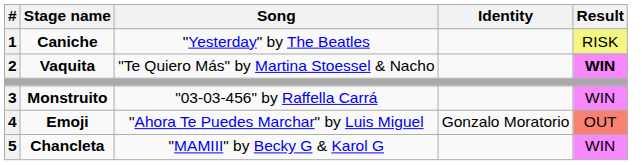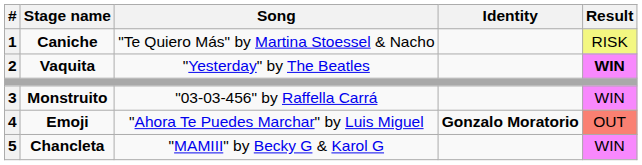 <table class="wikitable plainrowheaders" style="text-align: center;">
 <tr>
 <th>#</th>
 <th>Stage name</th>
 <th>Song</th>
 <th>Identity</th>
 <th>Result</th>
 </tr>
 <tr>
 <th><strong>1</strong></th>
 <td><strong>Caniche</strong></td>
-<td>"<a href='#'>Yesterday</a>" by <a href='#'>The Beatles</a></td>
+<td>"Te Quiero Más" by <a href='#'>Martina Stoessel</a> & Nacho</td>
 <td></td>
 <td bgcolor="#F3F781">RISK</td>
 </tr>
 <tr>
 <th><strong>2</strong></th>
 <td><strong>Vaquita</strong></td>
-<td>"Te Quiero Más" by <a href='#'>Martina Stoessel</a> & Nacho</td>
+<td>"<a href='#'>Yesterday</a>" by <a href='#'>The Beatles</a></td>
 <td></td>
 <td bgcolor="#F888FD"><strong>WIN</strong></td>
 </tr>
 <tr>
 <td colspan="5" style="background:darkgray"></td>
 </tr>
 <tr>
 <th><strong>3</strong></th>
 <td><strong>Monstruito</strong></td>
 <td>"03-03-456" by <a href='#'>Raffella Carrá</a></td>
 <td></td>
 <td bgcolor="#F888FD">WIN</td>
 </tr>
 <tr>
 <th><strong>4</strong></th>
 <td><strong>Emoji</strong></td>
 <td>"<a href='#'>Ahora Te Puedes Marchar</a>" by <a href='#'>Luis Miguel</a></td>
-<td>Gonzalo Moratorio</td>
+<td><strong>Gonzalo Moratorio</strong></td>
 <td bgcolor="salmon">OUT</td>
 </tr>
 <tr>
 <th><strong>5</strong></th>
 <td><strong>Chancleta</strong></td>
 <td>"<a href='#'>MAMIII</a>" by <a href='#'>Becky G</a> & <a href='#'>Karol G</a></td>
 <td></td>
 <td bgcolor="#F888FD">WIN</td>
 </tr>
 </table>
